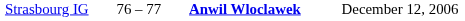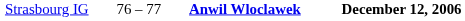 <table style="text-align:center">
 <tr>
 <th width=160></th>
 <th width=100></th>
 <th width=160></th>
 <th width=200></th>
 </tr>
 <tr>
 <td align=right><a href='#'>Strasbourg IG</a> </td>
 <td>76 – 77</td>
 <td align=left> <strong><a href='#'>Anwil Wloclawek</a></strong></td>
-<td align=left>December 12, 2006</td>
+<td align=left><strong>December 12, 2006</strong></td>
 </tr>
 </table>
